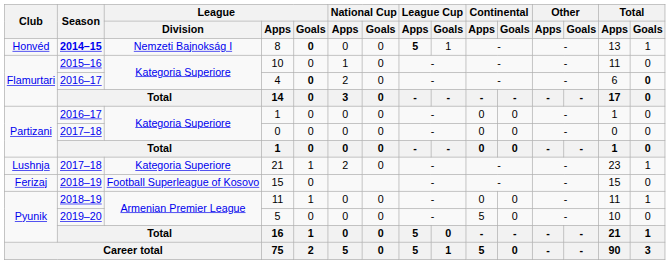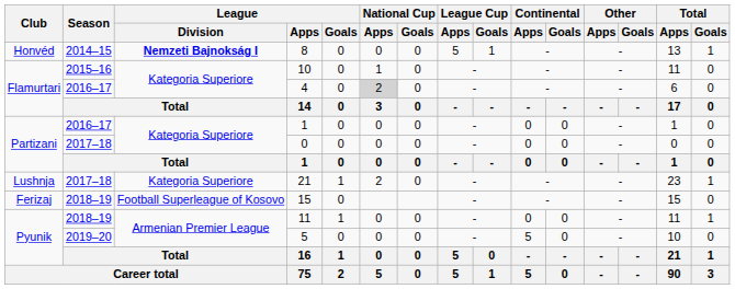 <table class="wikitable" style="text-align: center">
 <tr>
 <th rowspan="2">Club</th>
 <th rowspan="2">Season</th>
 <th colspan="3">League</th>
 <th colspan="2">National Cup</th>
 <th colspan="2">League Cup</th>
 <th colspan="2">Continental</th>
 <th colspan="2">Other</th>
 <th colspan="2">Total</th>
 </tr>
 <tr>
 <th>Division</th>
 <th>Apps</th>
 <th>Goals</th>
 <th>Apps</th>
 <th>Goals</th>
 <th>Apps</th>
 <th>Goals</th>
 <th>Apps</th>
 <th>Goals</th>
 <th>Apps</th>
 <th>Goals</th>
 <th>Apps</th>
 <th>Goals</th>
 </tr>
 <tr>
 <td><a href='#'>Honvéd</a></td>
-<td><strong><a href='#'>2014–15</a></strong></td>
-<td><a href='#'>Nemzeti Bajnokság I</a></td>
+<td><a href='#'>2014–15</a></td>
+<td><strong><a href='#'>Nemzeti Bajnokság I</a></strong></td>
 <td>8</td>
-<td><strong>0</strong></td>
 <td>0</td>
 <td>0</td>
-<td><strong>5</strong></td>
+<td>0</td>
+<td>5</td>
 <td>1</td>
 <td colspan="2">-</td>
 <td colspan="2">-</td>
 <td>13</td>
 <td>1</td>
 </tr>
 <tr>
 <td rowspan="3"><a href='#'>Flamurtari</a></td>
 <td><a href='#'>2015–16</a></td>
 <td rowspan="2"><a href='#'>Kategoria Superiore</a></td>
 <td>10</td>
 <td>0</td>
 <td>1</td>
 <td>0</td>
 <td colspan="2">-</td>
 <td colspan="2">-</td>
 <td colspan="2">-</td>
 <td>11</td>
 <td>0</td>
 </tr>
 <tr>
 <td><a href='#'>2016–17</a></td>
 <td>4</td>
-<td><strong>0</strong></td>
-<td>2</td>
+<td>0</td>
+<td style="background: lightgrey;">2</td>
 <td>0</td>
 <td colspan="2">-</td>
 <td colspan="2">-</td>
 <td colspan="2">-</td>
 <td>6</td>
-<td><strong>0</strong></td>
+<td>0</td>
 </tr>
 <tr>
 <th colspan="2">Total</th>
 <th>14</th>
 <th>0</th>
 <th>3</th>
 <th>0</th>
 <th>-</th>
 <th>-</th>
 <th>-</th>
 <th>-</th>
 <th>-</th>
 <th>-</th>
 <th>17</th>
 <th>0</th>
 </tr>
 <tr>
 <td rowspan="3"><a href='#'>Partizani</a></td>
 <td><a href='#'>2016–17</a></td>
 <td rowspan="2"><a href='#'>Kategoria Superiore</a></td>
 <td>1</td>
 <td>0</td>
 <td>0</td>
 <td>0</td>
 <td colspan="2">-</td>
 <td>0</td>
 <td>0</td>
 <td colspan="2">-</td>
 <td>1</td>
 <td>0</td>
 </tr>
 <tr>
 <td><a href='#'>2017–18</a></td>
 <td>0</td>
 <td>0</td>
 <td>0</td>
 <td>0</td>
 <td colspan="2">-</td>
 <td>0</td>
 <td>0</td>
 <td colspan="2">-</td>
 <td>0</td>
 <td>0</td>
 </tr>
 <tr>
 <th colspan="2">Total</th>
 <th>1</th>
 <th>0</th>
 <th>0</th>
 <th>0</th>
 <th>-</th>
 <th>-</th>
 <th>0</th>
 <th>0</th>
 <th>-</th>
 <th>-</th>
 <th>1</th>
 <th>0</th>
 </tr>
 <tr>
 <td><a href='#'>Lushnja</a></td>
 <td><a href='#'>2017–18</a></td>
 <td><a href='#'>Kategoria Superiore</a></td>
 <td>21</td>
 <td>1</td>
 <td>2</td>
 <td>0</td>
 <td colspan="2">-</td>
 <td colspan="2">-</td>
 <td colspan="2">-</td>
 <td>23</td>
 <td>1</td>
 </tr>
 <tr>
 <td><a href='#'>Ferizaj</a></td>
 <td><a href='#'>2018–19</a></td>
 <td><a href='#'>Football Superleague of Kosovo</a></td>
 <td>15</td>
 <td>0</td>
 <td></td>
 <td></td>
 <td colspan="2">-</td>
 <td colspan="2">-</td>
 <td colspan="2">-</td>
 <td>15</td>
 <td>0</td>
 </tr>
 <tr>
 <td rowspan="3"><a href='#'>Pyunik</a></td>
 <td><a href='#'>2018–19</a></td>
 <td rowspan="2"><a href='#'>Armenian Premier League</a></td>
 <td>11</td>
 <td>1</td>
 <td>0</td>
 <td>0</td>
 <td colspan="2">-</td>
 <td>0</td>
 <td>0</td>
 <td colspan="2">-</td>
 <td>11</td>
 <td>1</td>
 </tr>
 <tr>
 <td><a href='#'>2019–20</a></td>
 <td>5</td>
 <td>0</td>
 <td>0</td>
 <td>0</td>
 <td colspan="2">-</td>
 <td>5</td>
 <td>0</td>
 <td colspan="2">-</td>
 <td>10</td>
 <td>0</td>
 </tr>
 <tr>
 <th colspan="2">Total</th>
 <th>16</th>
 <th>1</th>
 <th>0</th>
 <th>0</th>
 <th>5</th>
 <th>0</th>
 <th>-</th>
 <th>-</th>
 <th>-</th>
 <th>-</th>
 <th>21</th>
 <th>1</th>
 </tr>
 <tr>
 <th colspan="3">Career total</th>
 <th>75</th>
 <th>2</th>
 <th>5</th>
 <th>0</th>
 <th>5</th>
 <th>1</th>
 <th>5</th>
 <th>0</th>
 <th>-</th>
 <th>-</th>
 <th>90</th>
 <th>3</th>
 </tr>
 </table>
